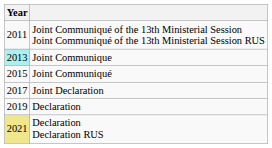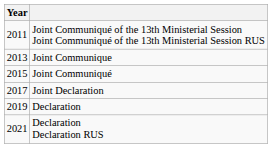 <table class="wikitable">
 <tr>
 <th>Year</th>
 <th></th>
 </tr>
 <tr>
 <td>2011</td>
 <td>Joint Communiqué of the 13th Ministerial Session<br>Joint Communiqué of the 13th Ministerial Session RUS</td>
 </tr>
 <tr>
-<td style="background: paleturquoise;">2013</td>
+<td>2013</td>
 <td>Joint Communique</td>
 </tr>
 <tr>
 <td>2015</td>
 <td>Joint Communiqué</td>
 </tr>
 <tr>
 <td>2017</td>
 <td>Joint Declaration</td>
 </tr>
 <tr>
 <td>2019</td>
 <td>Declaration</td>
 </tr>
 <tr>
-<td style="background: khaki;">2021</td>
+<td>2021</td>
 <td>Declaration<br>Declaration RUS</td>
 </tr>
 </table>
